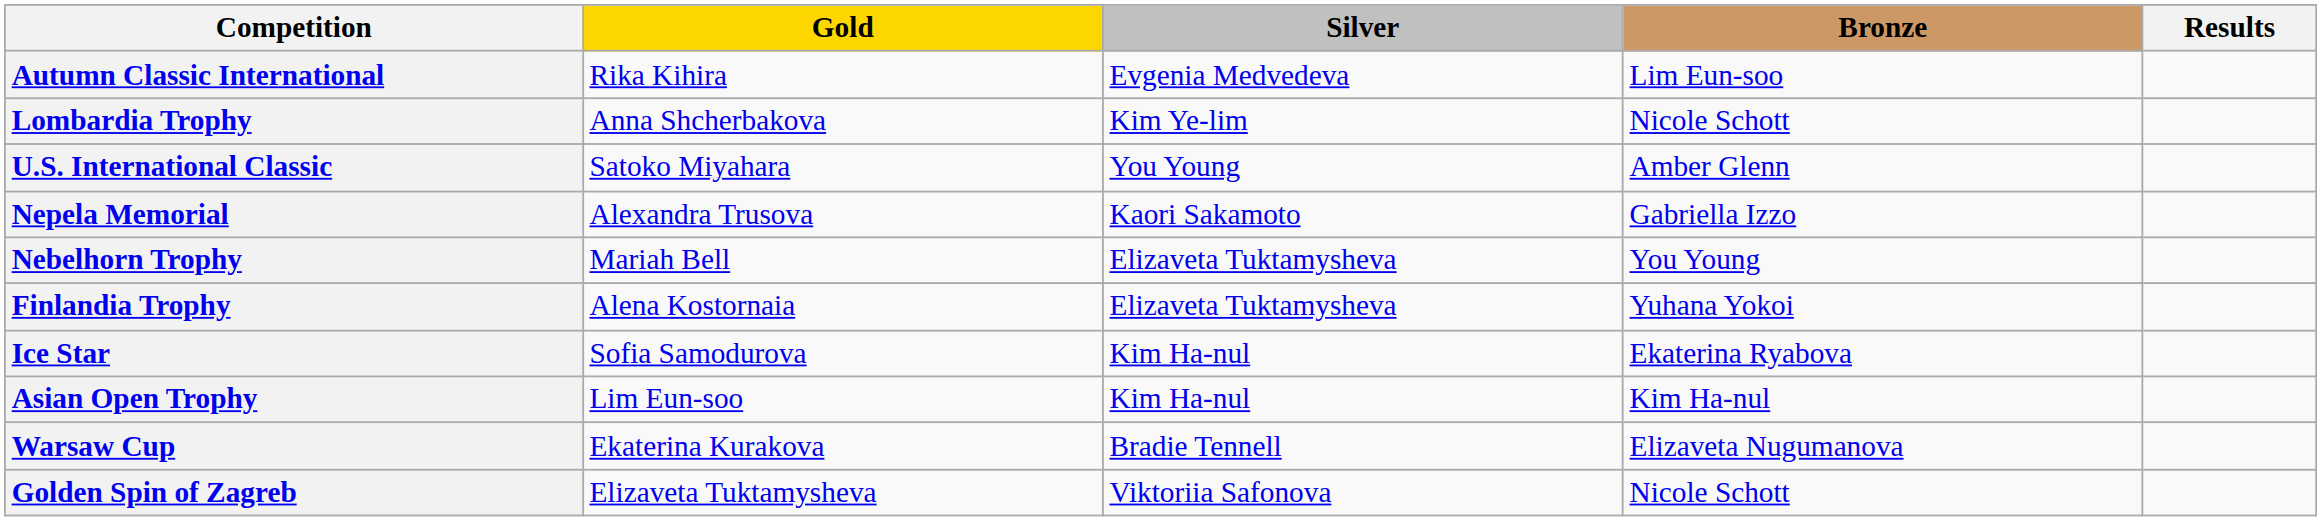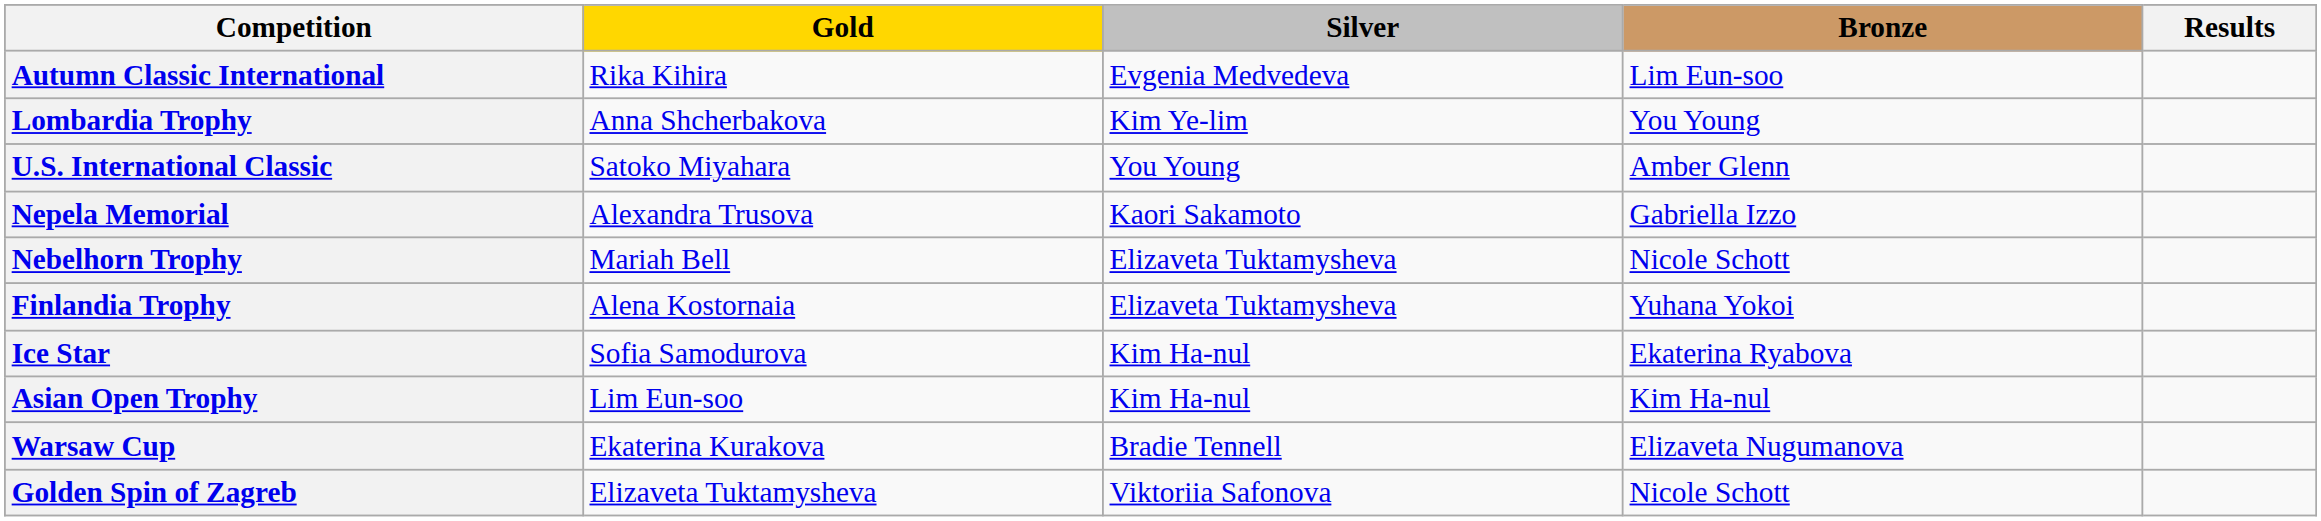 <table class="wikitable unsortable" style="text-align:left; width:100%">
 <tr>
 <th scope="col" style="text-align:center; width:25%;">Competition</th>
 <td scope="col" style="text-align:center; width:22.5%; background:gold"><strong>Gold</strong></td>
 <td scope="col" style="text-align:center; width:22.5%; background:silver"><strong>Silver</strong></td>
 <td scope="col" style="text-align:center; width:22.5%; background:#c96"><strong>Bronze</strong></td>
 <th scope="col" style="text-align:center; width:7.5%;">Results</th>
 </tr>
 <tr>
 <th scope="row" style="text-align:left"> <a href='#'>Autumn Classic International</a></th>
 <td> <a href='#'>Rika Kihira</a></td>
 <td> <a href='#'>Evgenia Medvedeva</a></td>
 <td> <a href='#'>Lim Eun-soo</a></td>
 <td></td>
 </tr>
 <tr>
 <th scope="row" style="text-align:left"> <a href='#'>Lombardia Trophy</a></th>
 <td> <a href='#'>Anna Shcherbakova</a></td>
 <td> <a href='#'>Kim Ye-lim</a></td>
-<td> <a href='#'>Nicole Schott</a></td>
+<td> <a href='#'>You Young</a></td>
 <td></td>
 </tr>
 <tr>
 <th scope="row" style="text-align:left"> <a href='#'>U.S. International Classic</a></th>
 <td> <a href='#'>Satoko Miyahara</a></td>
 <td> <a href='#'>You Young</a></td>
 <td> <a href='#'>Amber Glenn</a></td>
 <td></td>
 </tr>
 <tr>
 <th scope="row" style="text-align:left"> <a href='#'>Nepela Memorial</a></th>
 <td> <a href='#'>Alexandra Trusova</a></td>
 <td> <a href='#'>Kaori Sakamoto</a></td>
 <td> <a href='#'>Gabriella Izzo</a></td>
 <td></td>
 </tr>
 <tr>
 <th scope="row" style="text-align:left"> <a href='#'>Nebelhorn Trophy</a></th>
 <td> <a href='#'>Mariah Bell</a></td>
 <td> <a href='#'>Elizaveta Tuktamysheva</a></td>
-<td> <a href='#'>You Young</a></td>
+<td> <a href='#'>Nicole Schott</a></td>
 <td></td>
 </tr>
 <tr>
 <th scope="row" style="text-align:left"> <a href='#'>Finlandia Trophy</a></th>
 <td> <a href='#'>Alena Kostornaia</a></td>
 <td> <a href='#'>Elizaveta Tuktamysheva</a></td>
 <td> <a href='#'>Yuhana Yokoi</a></td>
 <td></td>
 </tr>
 <tr>
 <th scope="row" style="text-align:left"> <a href='#'>Ice Star</a></th>
 <td> <a href='#'>Sofia Samodurova</a></td>
 <td> <a href='#'>Kim Ha-nul</a></td>
 <td> <a href='#'>Ekaterina Ryabova</a></td>
 <td></td>
 </tr>
 <tr>
 <th scope="row" style="text-align:left"> <a href='#'>Asian Open Trophy</a></th>
 <td> <a href='#'>Lim Eun-soo</a></td>
 <td> <a href='#'>Kim Ha-nul</a></td>
 <td> <a href='#'>Kim Ha-nul</a></td>
 <td></td>
 </tr>
 <tr>
 <th scope="row" style="text-align:left"> <a href='#'>Warsaw Cup</a></th>
 <td> <a href='#'>Ekaterina Kurakova</a></td>
 <td> <a href='#'>Bradie Tennell</a></td>
 <td> <a href='#'>Elizaveta Nugumanova</a></td>
 <td></td>
 </tr>
 <tr>
 <th scope="row" style="text-align:left"> <a href='#'>Golden Spin of Zagreb</a></th>
 <td> <a href='#'>Elizaveta Tuktamysheva</a></td>
 <td> <a href='#'>Viktoriia Safonova</a></td>
 <td> <a href='#'>Nicole Schott</a></td>
 <td></td>
 </tr>
 </table>
